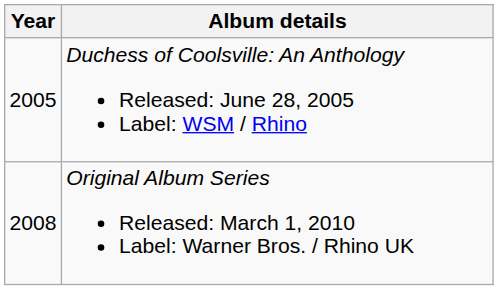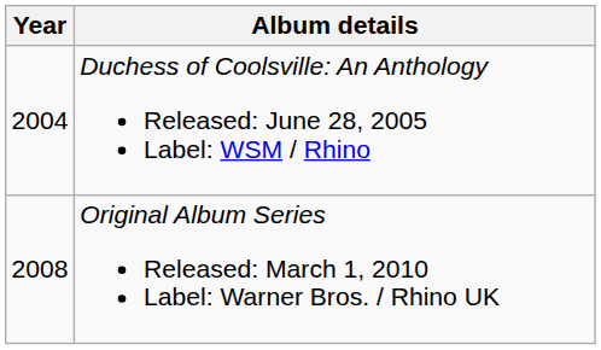 <table class="wikitable" style="text-align:center;">
 <tr>
 <th>Year</th>
 <th style="width:20em;">Album details</th>
 </tr>
 <tr>
-<td>2005</td>
+<td>2004</td>
 <td style="text-align:left;"><em>Duchess of Coolsville: An Anthology</em><br><ul><li>Released: June 28, 2005</li><li>Label: <a href='#'>WSM</a> / <a href='#'>Rhino</a></li></ul></td>
 </tr>
 <tr>
 <td>2008</td>
 <td style="text-align:left;"><em>Original Album Series</em><br><ul><li>Released: March 1, 2010</li><li>Label: Warner Bros. / Rhino UK</li></ul></td>
 </tr>
 </table>
